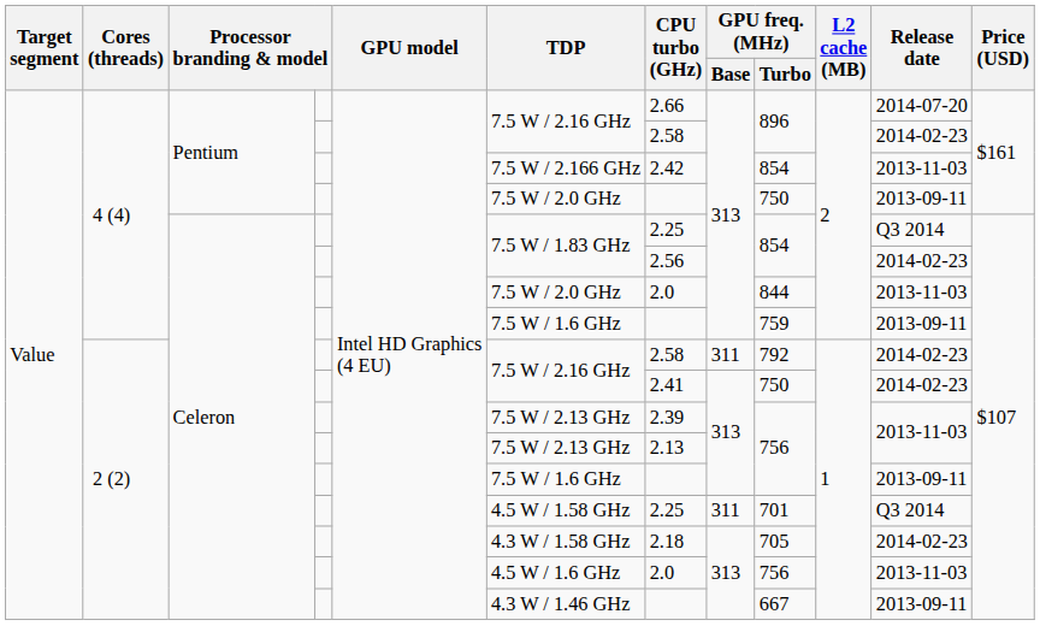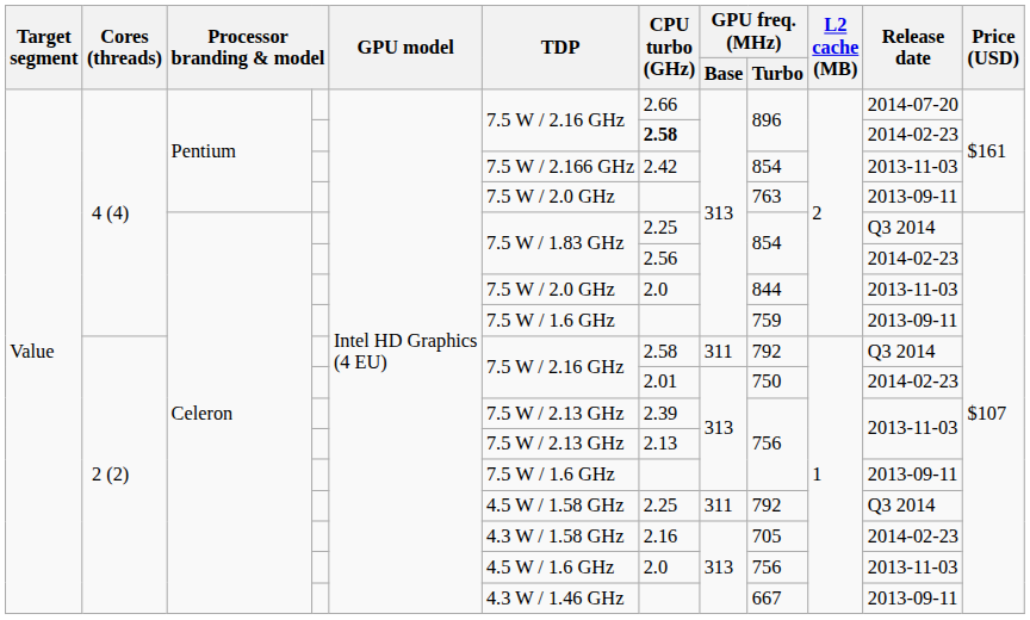 <table class="wikitable">
 <tr>
 <th rowspan=2>Target<br>segment</th>
 <th rowspan=2>Cores<br>(threads)</th>
 <th colspan=2 rowspan="2">Processor<br>branding & model</th>
 <th rowspan=2>GPU model</th>
 <th rowspan=2>TDP</th>
 <th rowspan=2>CPU<br>turbo<br>(GHz)</th>
 <th colspan=2>GPU freq.<br>(MHz)</th>
 <th rowspan=2><a href='#'>L2<br>cache</a><br>(MB)</th>
 <th rowspan=2>Release<br>date</th>
 <th rowspan=2>Price<br>(USD)</th>
 </tr>
 <tr>
 <th>Base</th>
 <th>Turbo</th>
 </tr>
 <tr>
 <td rowspan="17">Value</td>
 <td rowspan="8"> 4 (4)</td>
 <td rowspan="4">Pentium</td>
 <td></td>
 <td rowspan="17">Intel HD Graphics<br> (4 EU)</td>
 <td rowspan="2">7.5 W / 2.16 GHz</td>
 <td>2.66</td>
 <td rowspan="8">313</td>
 <td rowspan="2">896</td>
 <td rowspan="8">2</td>
 <td>2014-07-20</td>
 <td rowspan="4">$161</td>
 </tr>
 <tr>
 <td></td>
-<td>2.58</td>
+<td><strong>2.58</strong></td>
 <td>2014-02-23</td>
 </tr>
 <tr>
 <td></td>
 <td>7.5 W / 2.166 GHz</td>
 <td>2.42</td>
 <td>854</td>
 <td>2013-11-03</td>
 </tr>
 <tr>
 <td></td>
 <td>7.5 W / 2.0 GHz</td>
 <td></td>
-<td>750</td>
+<td>763</td>
 <td>2013-09-11</td>
 </tr>
 <tr>
 <td rowspan="13">Celeron</td>
 <td></td>
 <td rowspan="2">7.5 W / 1.83 GHz</td>
 <td>2.25</td>
 <td rowspan="2">854</td>
 <td>Q3 2014</td>
 <td rowspan="13">$107</td>
 </tr>
 <tr>
 <td></td>
 <td>2.56</td>
 <td>2014-02-23</td>
 </tr>
 <tr>
 <td></td>
 <td>7.5 W / 2.0 GHz</td>
 <td>2.0</td>
 <td>844</td>
 <td>2013-11-03</td>
 </tr>
 <tr>
 <td></td>
 <td>7.5 W / 1.6 GHz</td>
 <td></td>
 <td>759</td>
 <td>2013-09-11</td>
 </tr>
 <tr>
 <td rowspan="9"> 2 (2)</td>
 <td></td>
 <td rowspan="2">7.5 W / 2.16 GHz</td>
 <td>2.58</td>
 <td>311</td>
 <td>792</td>
 <td rowspan="9">1</td>
-<td>2014-02-23</td>
+<td>Q3 2014</td>
 </tr>
 <tr>
 <td></td>
-<td>2.41</td>
+<td>2.01</td>
 <td rowspan="4">313</td>
 <td>750</td>
 <td>2014-02-23</td>
 </tr>
 <tr>
 <td></td>
 <td>7.5 W / 2.13 GHz</td>
 <td>2.39</td>
 <td rowspan="3">756</td>
 <td rowspan="2">2013-11-03</td>
 </tr>
 <tr>
 <td></td>
 <td>7.5 W / 2.13 GHz</td>
 <td>2.13</td>
 </tr>
 <tr>
 <td></td>
 <td>7.5 W / 1.6 GHz</td>
 <td></td>
 <td>2013-09-11</td>
 </tr>
 <tr>
 <td></td>
 <td>4.5 W / 1.58 GHz</td>
 <td>2.25</td>
 <td>311</td>
-<td>701</td>
+<td>792</td>
 <td>Q3 2014</td>
 </tr>
 <tr>
 <td></td>
 <td>4.3 W / 1.58 GHz</td>
-<td>2.18</td>
+<td>2.16</td>
 <td rowspan="3">313</td>
 <td>705</td>
 <td>2014-02-23</td>
 </tr>
 <tr>
 <td></td>
 <td>4.5 W / 1.6 GHz</td>
 <td>2.0</td>
 <td>756</td>
 <td>2013-11-03</td>
 </tr>
 <tr>
 <td></td>
 <td>4.3 W / 1.46 GHz</td>
 <td></td>
 <td>667</td>
 <td>2013-09-11</td>
 </tr>
 </table>
